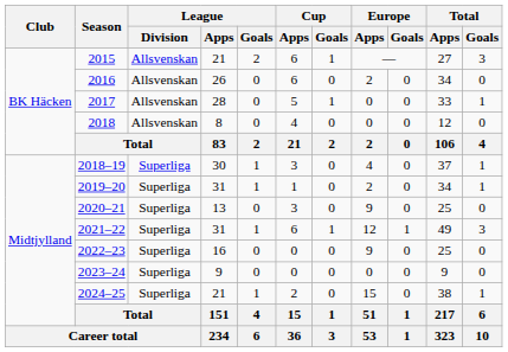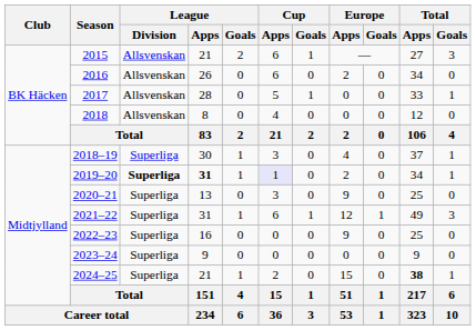 <table class="wikitable" style="text-align:center">
 <tr>
 <th rowspan="2">Club</th>
 <th rowspan="2">Season</th>
 <th colspan="3">League</th>
 <th colspan="2">Cup</th>
 <th colspan="2">Europe</th>
 <th colspan="2">Total</th>
 </tr>
 <tr>
 <th>Division</th>
 <th>Apps</th>
 <th>Goals</th>
 <th>Apps</th>
 <th>Goals</th>
 <th>Apps</th>
 <th>Goals</th>
 <th>Apps</th>
 <th>Goals</th>
 </tr>
 <tr>
 <td rowspan="5"><a href='#'>BK Häcken</a></td>
 <td><a href='#'>2015</a></td>
 <td><a href='#'>Allsvenskan</a></td>
 <td>21</td>
 <td>2</td>
 <td>6</td>
 <td>1</td>
 <td colspan="2">—</td>
 <td>27</td>
 <td>3</td>
 </tr>
 <tr>
 <td><a href='#'>2016</a></td>
 <td>Allsvenskan</td>
 <td>26</td>
 <td>0</td>
 <td>6</td>
 <td>0</td>
 <td>2</td>
 <td>0</td>
 <td>34</td>
 <td>0</td>
 </tr>
 <tr>
 <td><a href='#'>2017</a></td>
 <td>Allsvenskan</td>
 <td>28</td>
 <td>0</td>
 <td>5</td>
 <td>1</td>
 <td>0</td>
 <td>0</td>
 <td>33</td>
 <td>1</td>
 </tr>
 <tr>
 <td><a href='#'>2018</a></td>
 <td>Allsvenskan</td>
 <td>8</td>
 <td>0</td>
 <td>4</td>
 <td>0</td>
 <td>0</td>
 <td>0</td>
 <td>12</td>
 <td>0</td>
 </tr>
 <tr>
 <th colspan="2">Total</th>
 <th>83</th>
 <th>2</th>
 <th>21</th>
 <th>2</th>
 <th>2</th>
 <th>0</th>
 <th>106</th>
 <th>4</th>
 </tr>
 <tr>
 <td rowspan="8"><a href='#'>Midtjylland</a></td>
 <td><a href='#'>2018–19</a></td>
 <td><a href='#'>Superliga</a></td>
 <td>30</td>
 <td>1</td>
 <td>3</td>
 <td>0</td>
 <td>4</td>
 <td>0</td>
 <td>37</td>
 <td>1</td>
 </tr>
 <tr>
 <td><a href='#'>2019–20</a></td>
-<td>Superliga</td>
-<td>31</td>
+<td><strong>Superliga</strong></td>
+<td><strong>31</strong></td>
 <td>1</td>
-<td>1</td>
+<td style="background: lavender;">1</td>
 <td>0</td>
 <td>2</td>
 <td>0</td>
 <td>34</td>
 <td>1</td>
 </tr>
 <tr>
 <td><a href='#'>2020–21</a></td>
 <td>Superliga</td>
 <td>13</td>
 <td>0</td>
 <td>3</td>
 <td>0</td>
 <td>9</td>
 <td>0</td>
 <td>25</td>
 <td>0</td>
 </tr>
 <tr>
 <td><a href='#'>2021–22</a></td>
 <td>Superliga</td>
 <td>31</td>
 <td>1</td>
 <td>6</td>
 <td>1</td>
 <td>12</td>
 <td>1</td>
 <td>49</td>
 <td>3</td>
 </tr>
 <tr>
 <td><a href='#'>2022–23</a></td>
 <td>Superliga</td>
 <td>16</td>
 <td>0</td>
 <td>0</td>
 <td>0</td>
 <td>9</td>
 <td>0</td>
 <td>25</td>
 <td>0</td>
 </tr>
 <tr>
 <td><a href='#'>2023–24</a></td>
 <td>Superliga</td>
 <td>9</td>
 <td>0</td>
 <td>0</td>
 <td>0</td>
 <td>0</td>
 <td>0</td>
 <td>9</td>
 <td>0</td>
 </tr>
 <tr>
 <td><a href='#'>2024–25</a></td>
 <td>Superliga</td>
 <td>21</td>
 <td>1</td>
 <td>2</td>
 <td>0</td>
 <td>15</td>
 <td>0</td>
-<td>38</td>
+<td><strong>38</strong></td>
 <td>1</td>
 </tr>
 <tr>
 <th colspan="2">Total</th>
 <th>151</th>
 <th>4</th>
 <th>15</th>
 <th>1</th>
 <th>51</th>
 <th>1</th>
 <th>217</th>
 <th>6</th>
 </tr>
 <tr>
 <th colspan="3">Career total</th>
 <th>234</th>
 <th>6</th>
 <th>36</th>
 <th>3</th>
 <th>53</th>
 <th>1</th>
 <th>323</th>
 <th>10</th>
 </tr>
 </table>
